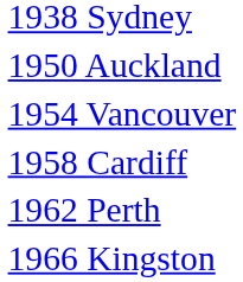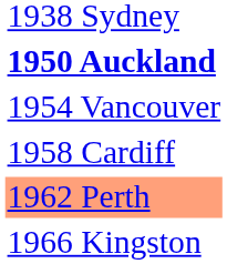 <table>
 <tr>
 <td><a href='#'>1938 Sydney</a><br></td>
 <td></td>
 <td></td>
 <td></td>
 </tr>
 <tr>
-<td><a href='#'>1950 Auckland</a><br></td>
+<td><strong><a href='#'>1950 Auckland</a><br></strong></td>
 <td></td>
 <td></td>
 <td></td>
 </tr>
 <tr>
 <td><a href='#'>1954 Vancouver</a><br></td>
 <td></td>
 <td></td>
 <td></td>
 </tr>
 <tr>
 <td><a href='#'>1958 Cardiff</a><br></td>
 <td></td>
 <td></td>
 <td></td>
 </tr>
 <tr>
-<td><a href='#'>1962 Perth</a><br></td>
+<td style="background: lightsalmon;"><a href='#'>1962 Perth</a><br></td>
 <td></td>
 <td></td>
 <td></td>
 </tr>
 <tr>
 <td><a href='#'>1966 Kingston</a><br></td>
 <td></td>
 <td></td>
 <td></td>
 </tr>
 </table>
